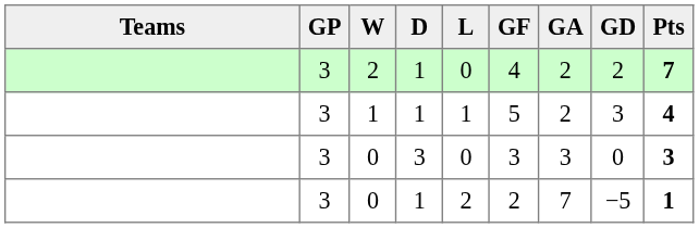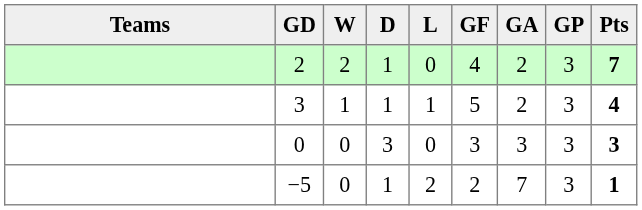 <table style=border-collapse:collapse border=1 cellspacing=0 cellpadding=5>
 <tr align=center bgcolor=#efefef>
 <th width=185>Teams</th>
-<th width=20>GP</th>
+<th width=20>GD</th>
 <th width=20>W</th>
 <th width=20>D</th>
 <th width=20>L</th>
 <th width=20>GF</th>
 <th width=20>GA</th>
-<th width=20>GD</th>
+<th width=20>GP</th>
 <th width=20>Pts</th>
 </tr>
 <tr align=center style="background:#ccffcc;">
 <td style="text-align:left;"></td>
-<td>3</td>
+<td>2</td>
 <td>2</td>
 <td>1</td>
 <td>0</td>
 <td>4</td>
 <td>2</td>
-<td>2</td>
+<td>3</td>
 <td><strong>7</strong></td>
 </tr>
 <tr align=center>
 <td style="text-align:left;"></td>
 <td>3</td>
 <td>1</td>
 <td>1</td>
 <td>1</td>
 <td>5</td>
 <td>2</td>
 <td>3</td>
 <td><strong>4</strong></td>
 </tr>
 <tr align=center>
 <td style="text-align:left;"></td>
-<td>3</td>
+<td>0</td>
 <td>0</td>
 <td>3</td>
 <td>0</td>
 <td>3</td>
 <td>3</td>
-<td>0</td>
+<td>3</td>
 <td><strong>3</strong></td>
 </tr>
 <tr align=center>
 <td style="text-align:left;"></td>
-<td>3</td>
+<td>−5</td>
 <td>0</td>
 <td>1</td>
 <td>2</td>
 <td>2</td>
 <td>7</td>
-<td>−5</td>
+<td>3</td>
 <td><strong>1</strong></td>
 </tr>
 </table>
